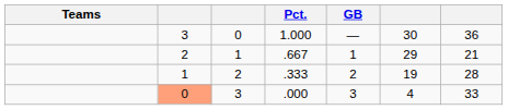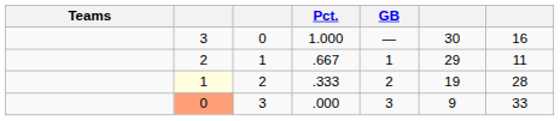 <table class="wikitable" width="50%" style="text-align:center;">
 <tr>
 <th width="20%">Teams</th>
 <th width="7%"></th>
 <th width="7%"></th>
 <th width="8%"><a href='#'>Pct.</a></th>
 <th width="7%"><a href='#'>GB</a></th>
 <th width="8%"></th>
 <th width="8%"></th>
 </tr>
 <tr>
 <td align=left></td>
 <td>3</td>
 <td>0</td>
 <td>1.000</td>
 <td>—</td>
 <td>30</td>
-<td>36</td>
+<td>16</td>
 </tr>
 <tr>
 <td align=left></td>
 <td>2</td>
 <td>1</td>
 <td>.667</td>
 <td>1</td>
 <td>29</td>
-<td>21</td>
+<td>11</td>
 </tr>
 <tr>
 <td align=left></td>
-<td>1</td>
+<td style="background: lightyellow;">1</td>
 <td>2</td>
 <td>.333</td>
 <td>2</td>
 <td>19</td>
 <td>28</td>
 </tr>
 <tr>
 <td align=left></td>
 <td style="background: lightsalmon;">0</td>
 <td>3</td>
 <td>.000</td>
 <td>3</td>
-<td>4</td>
+<td>9</td>
 <td>33</td>
 </tr>
 </table>
